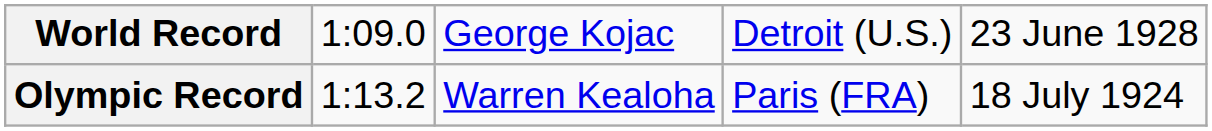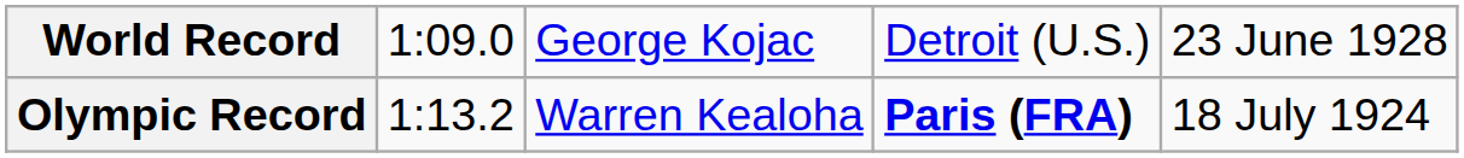 <table class="wikitable">
 <tr>
 <th>World Record</th>
 <td>1:09.0</td>
 <td> <a href='#'>George Kojac</a></td>
 <td><a href='#'>Detroit</a> (U.S.)</td>
 <td>23 June 1928</td>
 </tr>
 <tr>
 <th>Olympic Record</th>
 <td>1:13.2</td>
 <td> <a href='#'>Warren Kealoha</a></td>
-<td><a href='#'>Paris</a> (<a href='#'>FRA</a>)</td>
+<td><strong><a href='#'>Paris</a> (<a href='#'>FRA</a>)</strong></td>
 <td>18 July 1924</td>
 </tr>
 </table>
